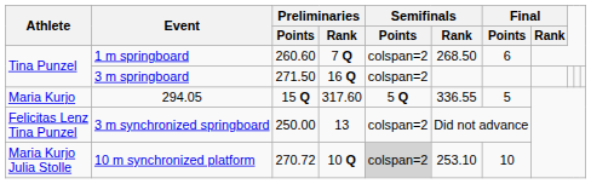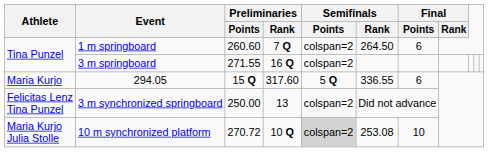 <table class=wikitable style="font-size:90%;">
 <tr>
 <th rowspan="2">Athlete</th>
 <th rowspan="2">Event</th>
 <th colspan="2">Preliminaries</th>
 <th colspan="2">Semifinals</th>
 <th colspan="2">Final</th>
 </tr>
 <tr style="font-size:95%">
 <th>Points</th>
 <th>Rank</th>
 <th>Points</th>
 <th>Rank</th>
 <th>Points</th>
 <th>Rank</th>
 </tr>
 <tr align=center>
 <td align=left rowspan=2><a href='#'>Tina Punzel</a></td>
 <td align=left><a href='#'>1 m springboard</a></td>
 <td>260.60</td>
 <td>7 <strong>Q</strong></td>
 <td>colspan=2 </td>
-<td>268.50</td>
+<td>264.50</td>
 <td>6</td>
 </tr>
 <tr align=center>
 <td align=left><a href='#'>3 m springboard</a></td>
-<td>271.50</td>
+<td>271.55</td>
 <td>16 <strong>Q</strong></td>
 <td>colspan=2 </td>
 <td></td>
 <td></td>
 <td></td>
 <td></td>
 <td></td>
 <td></td>
 </tr>
 <tr align=center>
 <td align=left><a href='#'>Maria Kurjo</a></td>
 <td>294.05</td>
 <td>15 <strong>Q</strong></td>
 <td>317.60</td>
 <td>5 <strong>Q</strong></td>
 <td>336.55</td>
-<td>5</td>
+<td>6</td>
 </tr>
 <tr align=center>
 <td align=left><a href='#'>Felicitas Lenz</a><br><a href='#'>Tina Punzel</a></td>
 <td align=left><a href='#'>3 m synchronized springboard</a></td>
 <td>250.00</td>
 <td>13</td>
 <td>colspan=2 </td>
 <td colspan=2>Did not advance</td>
 </tr>
 <tr align=center>
 <td align=left><a href='#'>Maria Kurjo</a><br><a href='#'>Julia Stolle</a></td>
 <td align=left><a href='#'>10 m synchronized platform</a></td>
 <td>270.72</td>
 <td>10 <strong>Q</strong></td>
 <td style="background: lightgrey;">colspan=2 </td>
-<td>253.10</td>
+<td>253.08</td>
 <td>10</td>
 </tr>
 </table>
